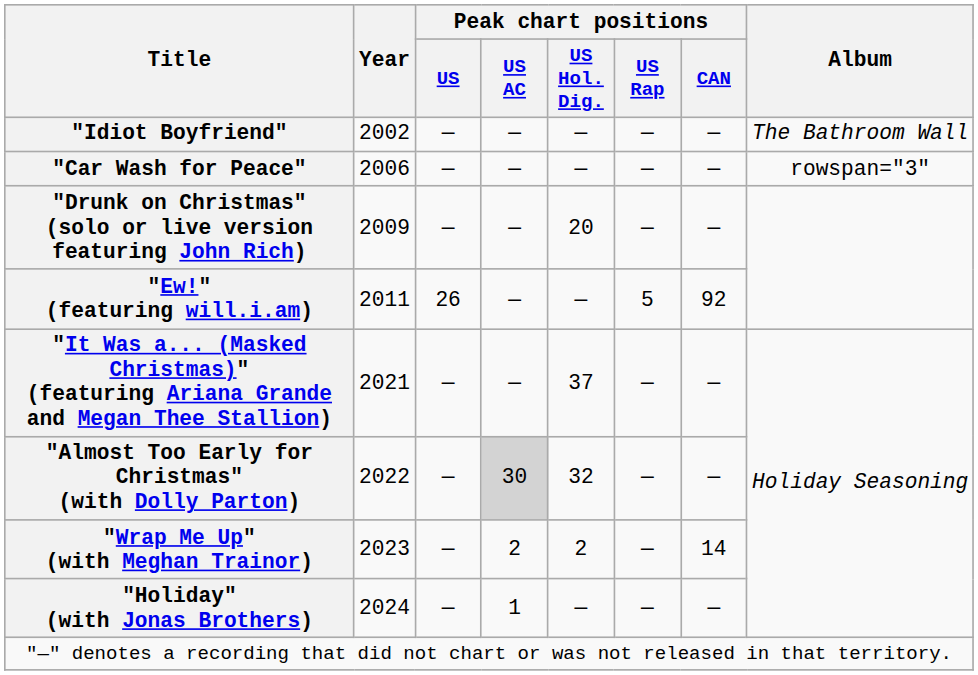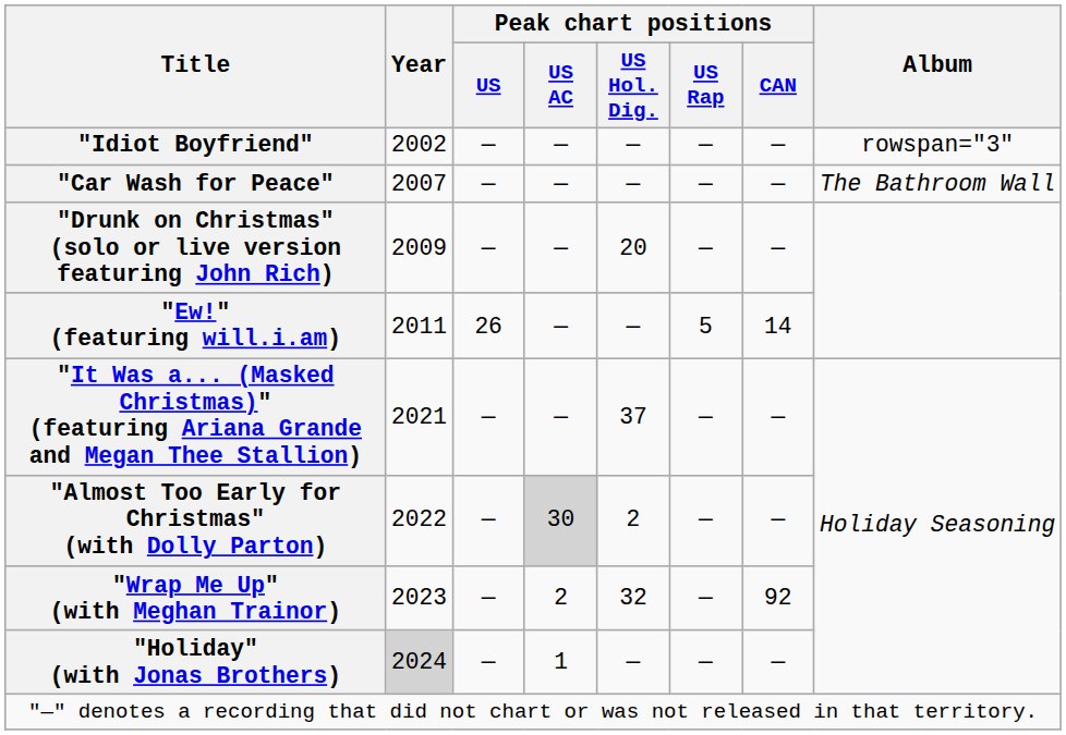 <table class="wikitable plainrowheaders" style="text-align:center;">
 <tr>
 <th scope="col" rowspan="2" style="width:16em;">Title</th>
 <th scope="col" rowspan="2">Year</th>
 <th scope="col" colspan="5">Peak chart positions</th>
 <th scope="col" rowspan="2">Album</th>
 </tr>
 <tr>
 <th scope="col" style="width:3em;font-size:90%;"><a href='#'>US</a><br></th>
 <th scope="col" style="width:3em;font-size:90%;"><a href='#'>US<br>AC</a><br></th>
 <th scope="col" style="width:3em;font-size:90%;"><a href='#'>US<br>Hol.<br>Dig.</a><br></th>
 <th scope="col" style="width:3em;font-size:90%;"><a href='#'>US<br>Rap</a><br></th>
 <th scope="col" style="width:3em;font-size:90%;"><a href='#'>CAN</a><br></th>
 </tr>
 <tr>
 <th scope="row">"Idiot Boyfriend"</th>
 <td>2002</td>
 <td>—</td>
 <td>—</td>
 <td>—</td>
 <td>—</td>
 <td>—</td>
-<td><em>The Bathroom Wall</em></td>
+<td>rowspan="3" </td>
 </tr>
 <tr>
 <th scope="row">"Car Wash for Peace"</th>
-<td>2006</td>
+<td>2007</td>
 <td>—</td>
 <td>—</td>
 <td>—</td>
 <td>—</td>
 <td>—</td>
-<td>rowspan="3" </td>
+<td><em>The Bathroom Wall</em></td>
 </tr>
 <tr>
 <th scope="row">"Drunk on Christmas"<br><span>(solo or live version featuring <a href='#'>John Rich</a>)</span></th>
 <td>2009</td>
 <td>—</td>
 <td>—</td>
 <td>20</td>
 <td>—</td>
 <td>—</td>
 </tr>
 <tr>
 <th scope="row">"<a href='#'>Ew!</a>"<br><span>(featuring <a href='#'>will.i.am</a>)</span></th>
 <td>2011</td>
 <td>26</td>
 <td>—</td>
 <td>—</td>
 <td>5</td>
-<td>92</td>
+<td>14</td>
 </tr>
 <tr>
 <th scope="row">"<a href='#'>It Was a... (Masked Christmas)</a>"<br><span>(featuring <a href='#'>Ariana Grande</a> and <a href='#'>Megan Thee Stallion</a>)</span></th>
 <td>2021</td>
 <td>—</td>
 <td>—</td>
 <td>37</td>
 <td>—</td>
 <td>—</td>
 <td rowspan="4"><em>Holiday Seasoning</em></td>
 </tr>
 <tr>
 <th scope="row">"Almost Too Early for Christmas"<br><span>(with <a href='#'>Dolly Parton</a>)</span></th>
 <td>2022</td>
 <td>—</td>
 <td style="background: lightgrey;">30</td>
-<td>32</td>
+<td>2</td>
 <td>—</td>
 <td>—</td>
 </tr>
 <tr>
 <th scope="row">"<a href='#'>Wrap Me Up</a>"<br><span>(with <a href='#'>Meghan Trainor</a>)</span></th>
 <td>2023</td>
 <td>—</td>
 <td>2</td>
-<td>2</td>
+<td>32</td>
 <td>—</td>
-<td>14</td>
+<td>92</td>
 </tr>
 <tr>
 <th scope="row">"Holiday"<br><span>(with <a href='#'>Jonas Brothers</a>)</span></th>
-<td>2024</td>
+<td style="background: lightgrey;">2024</td>
 <td>—</td>
 <td>1</td>
 <td>—</td>
 <td>—</td>
 <td>—</td>
 </tr>
 <tr>
 <td colspan="8" style="font-size:90%">"—" denotes a recording that did not chart or was not released in that territory.</td>
 </tr>
 </table>
